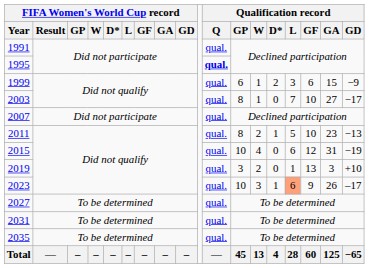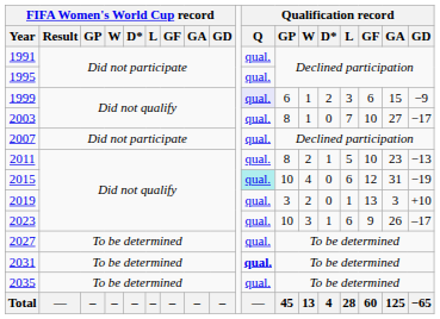 <table class="wikitable" style="text-align: center;">
 <tr>
 <th colspan="9"><a href='#'>FIFA Women's World Cup</a> record</th>
 <td rowspan=15></td>
 <th colspan=8>Qualification record</th>
 </tr>
 <tr>
 <th>Year</th>
 <th>Result</th>
 <th>GP</th>
 <th>W</th>
 <th>D*</th>
 <th>L</th>
 <th>GF</th>
 <th>GA</th>
 <th>GD</th>
 <th>Q</th>
 <th>GP</th>
 <th>W</th>
 <th>D*</th>
 <th>L</th>
 <th>GF</th>
 <th>GA</th>
 <th>GD</th>
 </tr>
 <tr>
 <td> <a href='#'>1991</a></td>
 <td colspan=8 rowspan=2><em>Did not participate</em></td>
 <td><a href='#'>qual.</a></td>
 <td colspan=7 rowspan=2><em>Declined participation</em></td>
 </tr>
 <tr>
 <td> <a href='#'>1995</a></td>
-<td><strong><a href='#'>qual.</a></strong></td>
+<td><a href='#'>qual.</a></td>
 </tr>
 <tr>
 <td> <a href='#'>1999</a></td>
 <td colspan=8 rowspan=2><em>Did not qualify</em></td>
-<td><a href='#'>qual.</a></td>
+<td style="background: lavender;"><a href='#'>qual.</a></td>
 <td>6</td>
 <td>1</td>
 <td>2</td>
 <td>3</td>
 <td>6</td>
 <td>15</td>
 <td>−9</td>
 </tr>
 <tr>
 <td> <a href='#'>2003</a></td>
 <td><a href='#'>qual.</a></td>
 <td>8</td>
 <td>1</td>
 <td>0</td>
 <td>7</td>
 <td>10</td>
 <td>27</td>
 <td>−17</td>
 </tr>
 <tr>
 <td> <a href='#'>2007</a></td>
 <td colspan=8><em>Did not participate</em></td>
 <td><a href='#'>qual.</a></td>
 <td colspan=7><em>Declined participation</em></td>
 </tr>
 <tr>
 <td> <a href='#'>2011</a></td>
 <td colspan=8 rowspan=4><em>Did not qualify</em></td>
 <td><a href='#'>qual.</a></td>
 <td>8</td>
 <td>2</td>
 <td>1</td>
 <td>5</td>
 <td>10</td>
 <td>23</td>
 <td>−13</td>
 </tr>
 <tr>
 <td> <a href='#'>2015</a></td>
-<td><a href='#'>qual.</a></td>
+<td style="background: paleturquoise;"><a href='#'>qual.</a></td>
 <td>10</td>
 <td>4</td>
 <td>0</td>
 <td>6</td>
 <td>12</td>
 <td>31</td>
 <td>−19</td>
 </tr>
 <tr>
 <td> <a href='#'>2019</a></td>
 <td><a href='#'>qual.</a></td>
 <td>3</td>
 <td>2</td>
 <td>0</td>
 <td>1</td>
 <td>13</td>
 <td>3</td>
 <td>+10</td>
 </tr>
 <tr>
 <td> <a href='#'>2023</a></td>
 <td><a href='#'>qual.</a></td>
 <td>10</td>
 <td>3</td>
 <td>1</td>
-<td style="background: lightsalmon;">6</td>
+<td>6</td>
 <td>9</td>
 <td>26</td>
 <td>–17</td>
 </tr>
 <tr>
 <td> <a href='#'>2027</a></td>
 <td colspan=8><em>To be determined</em></td>
 <td><a href='#'>qual.</a></td>
 <td colspan=7><em>To be determined</em></td>
 </tr>
 <tr>
 <td> <a href='#'>2031</a></td>
 <td colspan=8><em>To be determined</em></td>
-<td><a href='#'>qual.</a></td>
+<td><strong><a href='#'>qual.</a></strong></td>
 <td colspan=7><em>To be determined</em></td>
 </tr>
 <tr>
 <td> <a href='#'>2035</a></td>
 <td colspan=8><em>To be determined</em></td>
 <td><a href='#'>qual.</a></td>
 <td colspan=7><em>To be determined</em></td>
 </tr>
 <tr>
 <th>Total</th>
 <th>—</th>
 <th>–</th>
 <th>–</th>
 <th>–</th>
 <th>–</th>
 <th>–</th>
 <th>–</th>
 <th>–</th>
 <th>—</th>
 <th>45</th>
 <th>13</th>
 <th>4</th>
 <th>28</th>
 <th>60</th>
 <th>125</th>
 <th>−65</th>
 </tr>
 </table>
